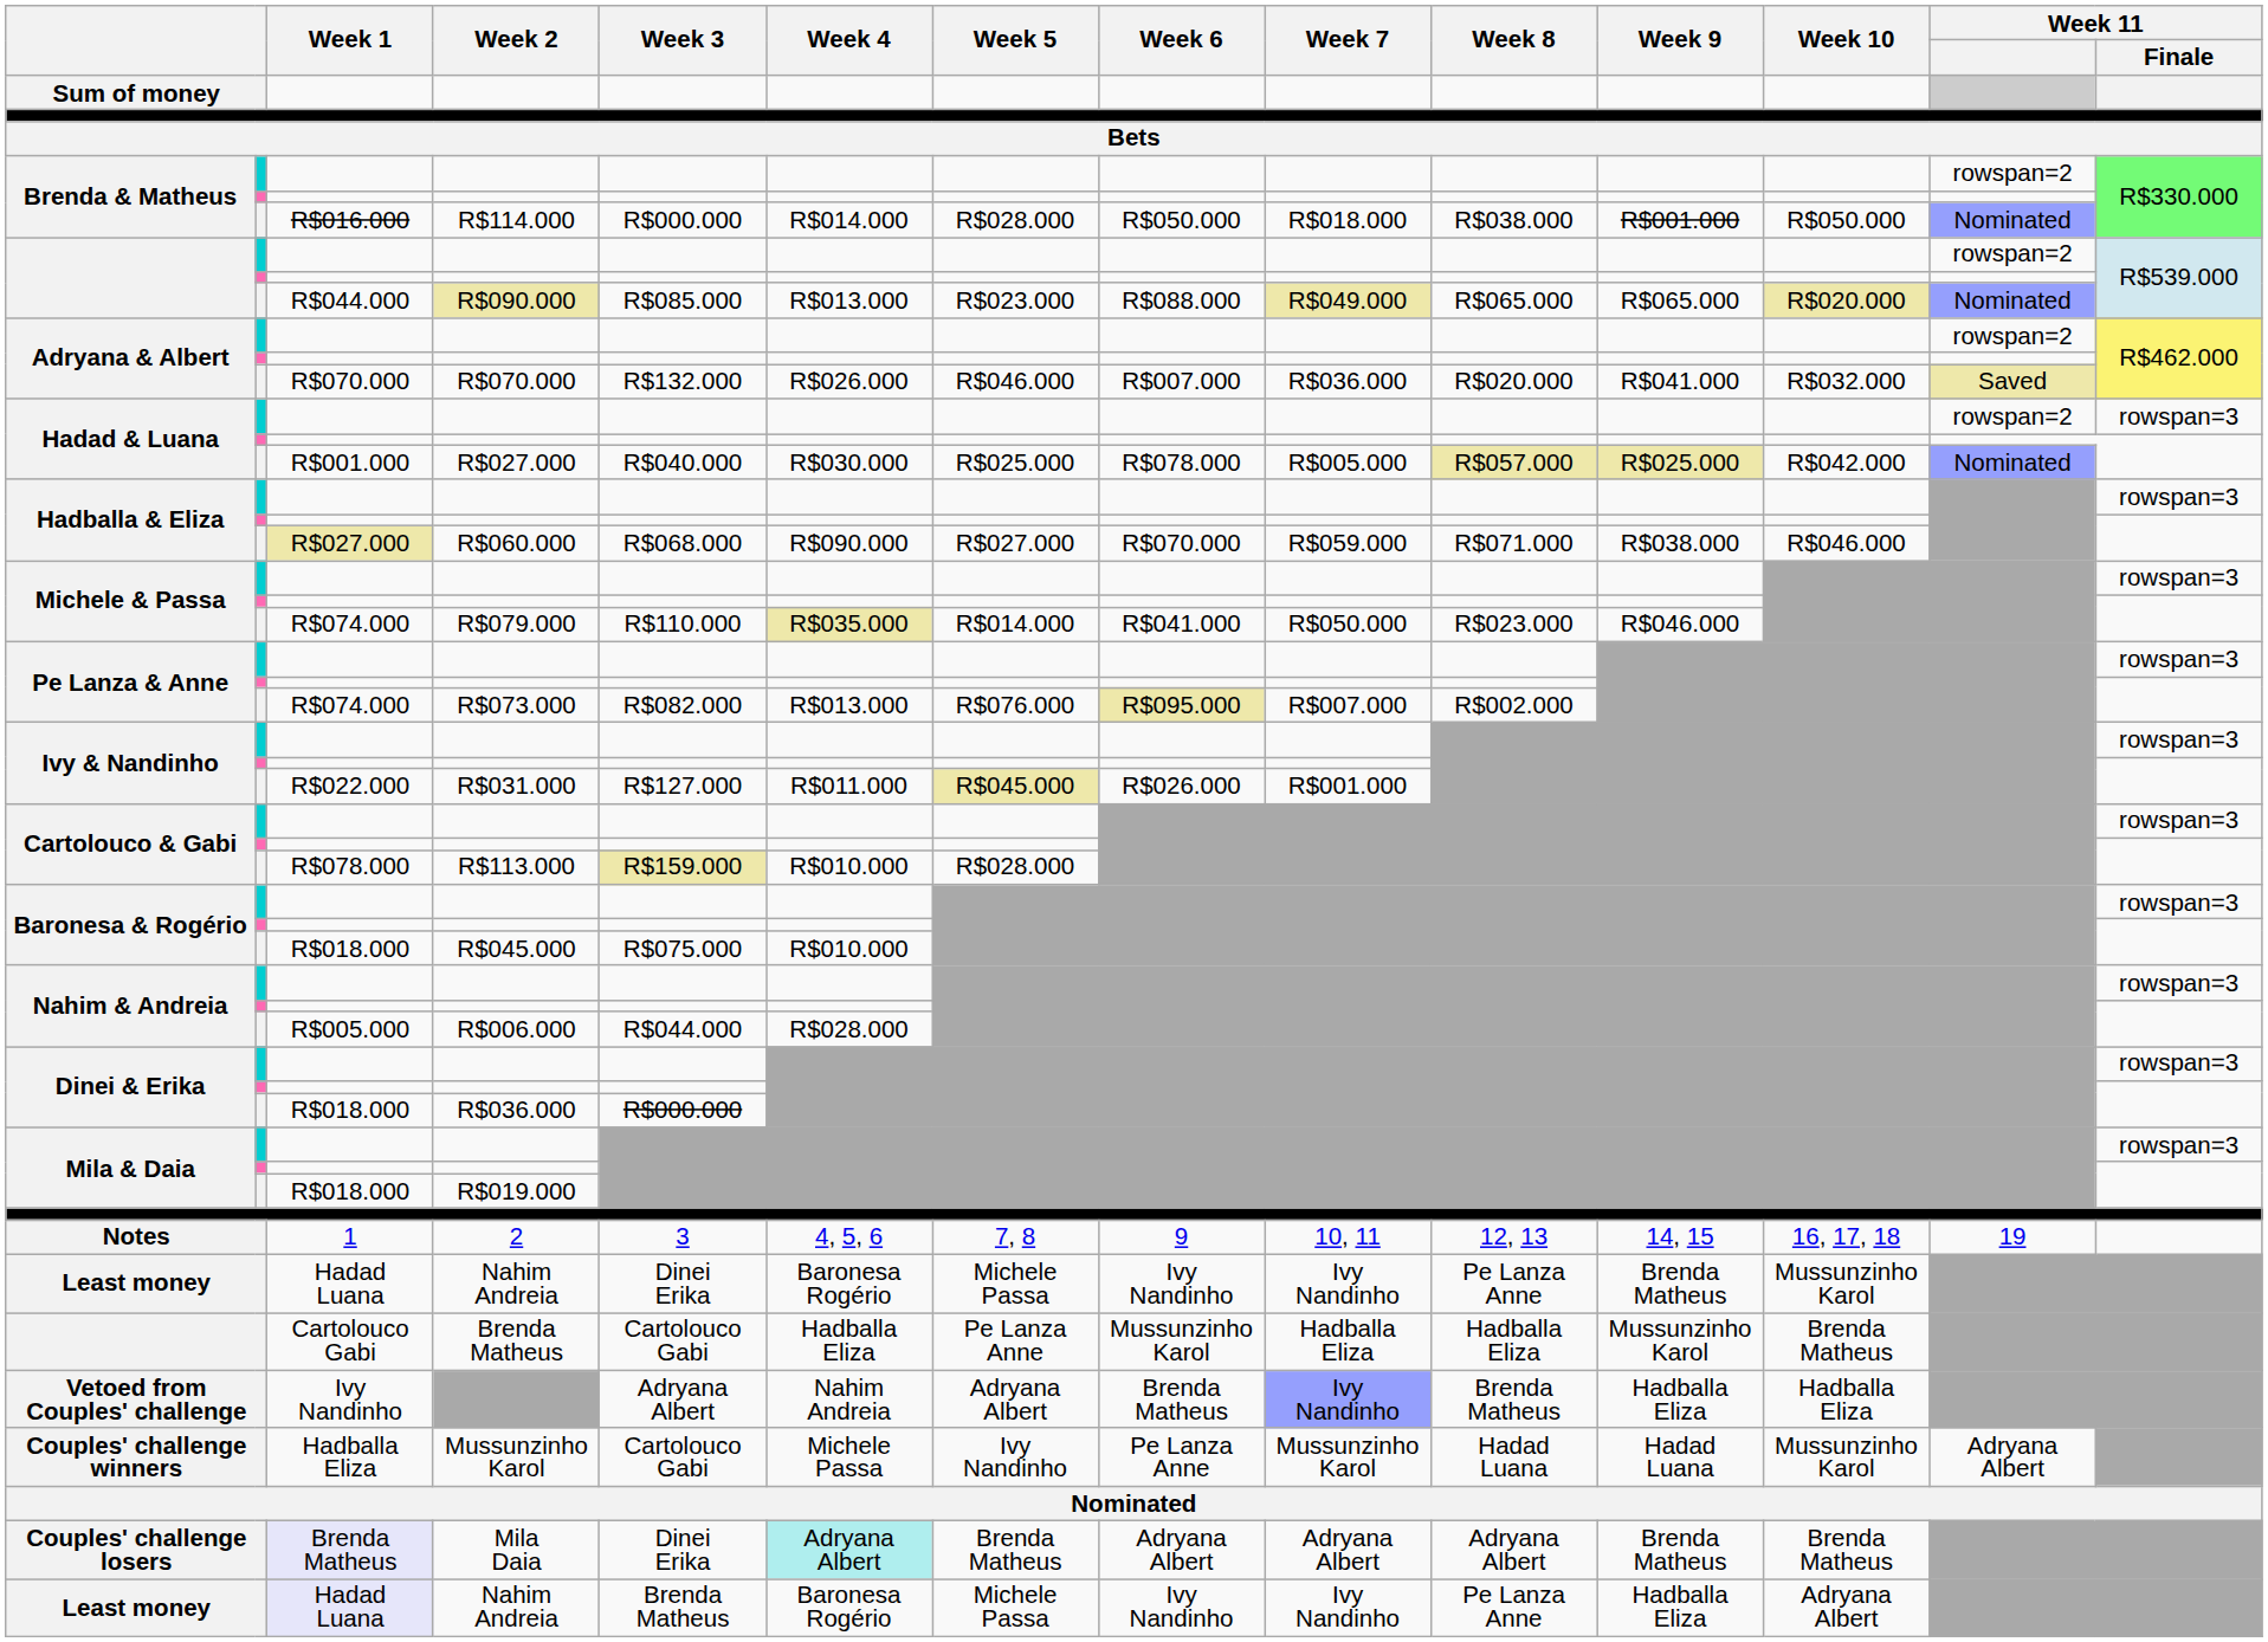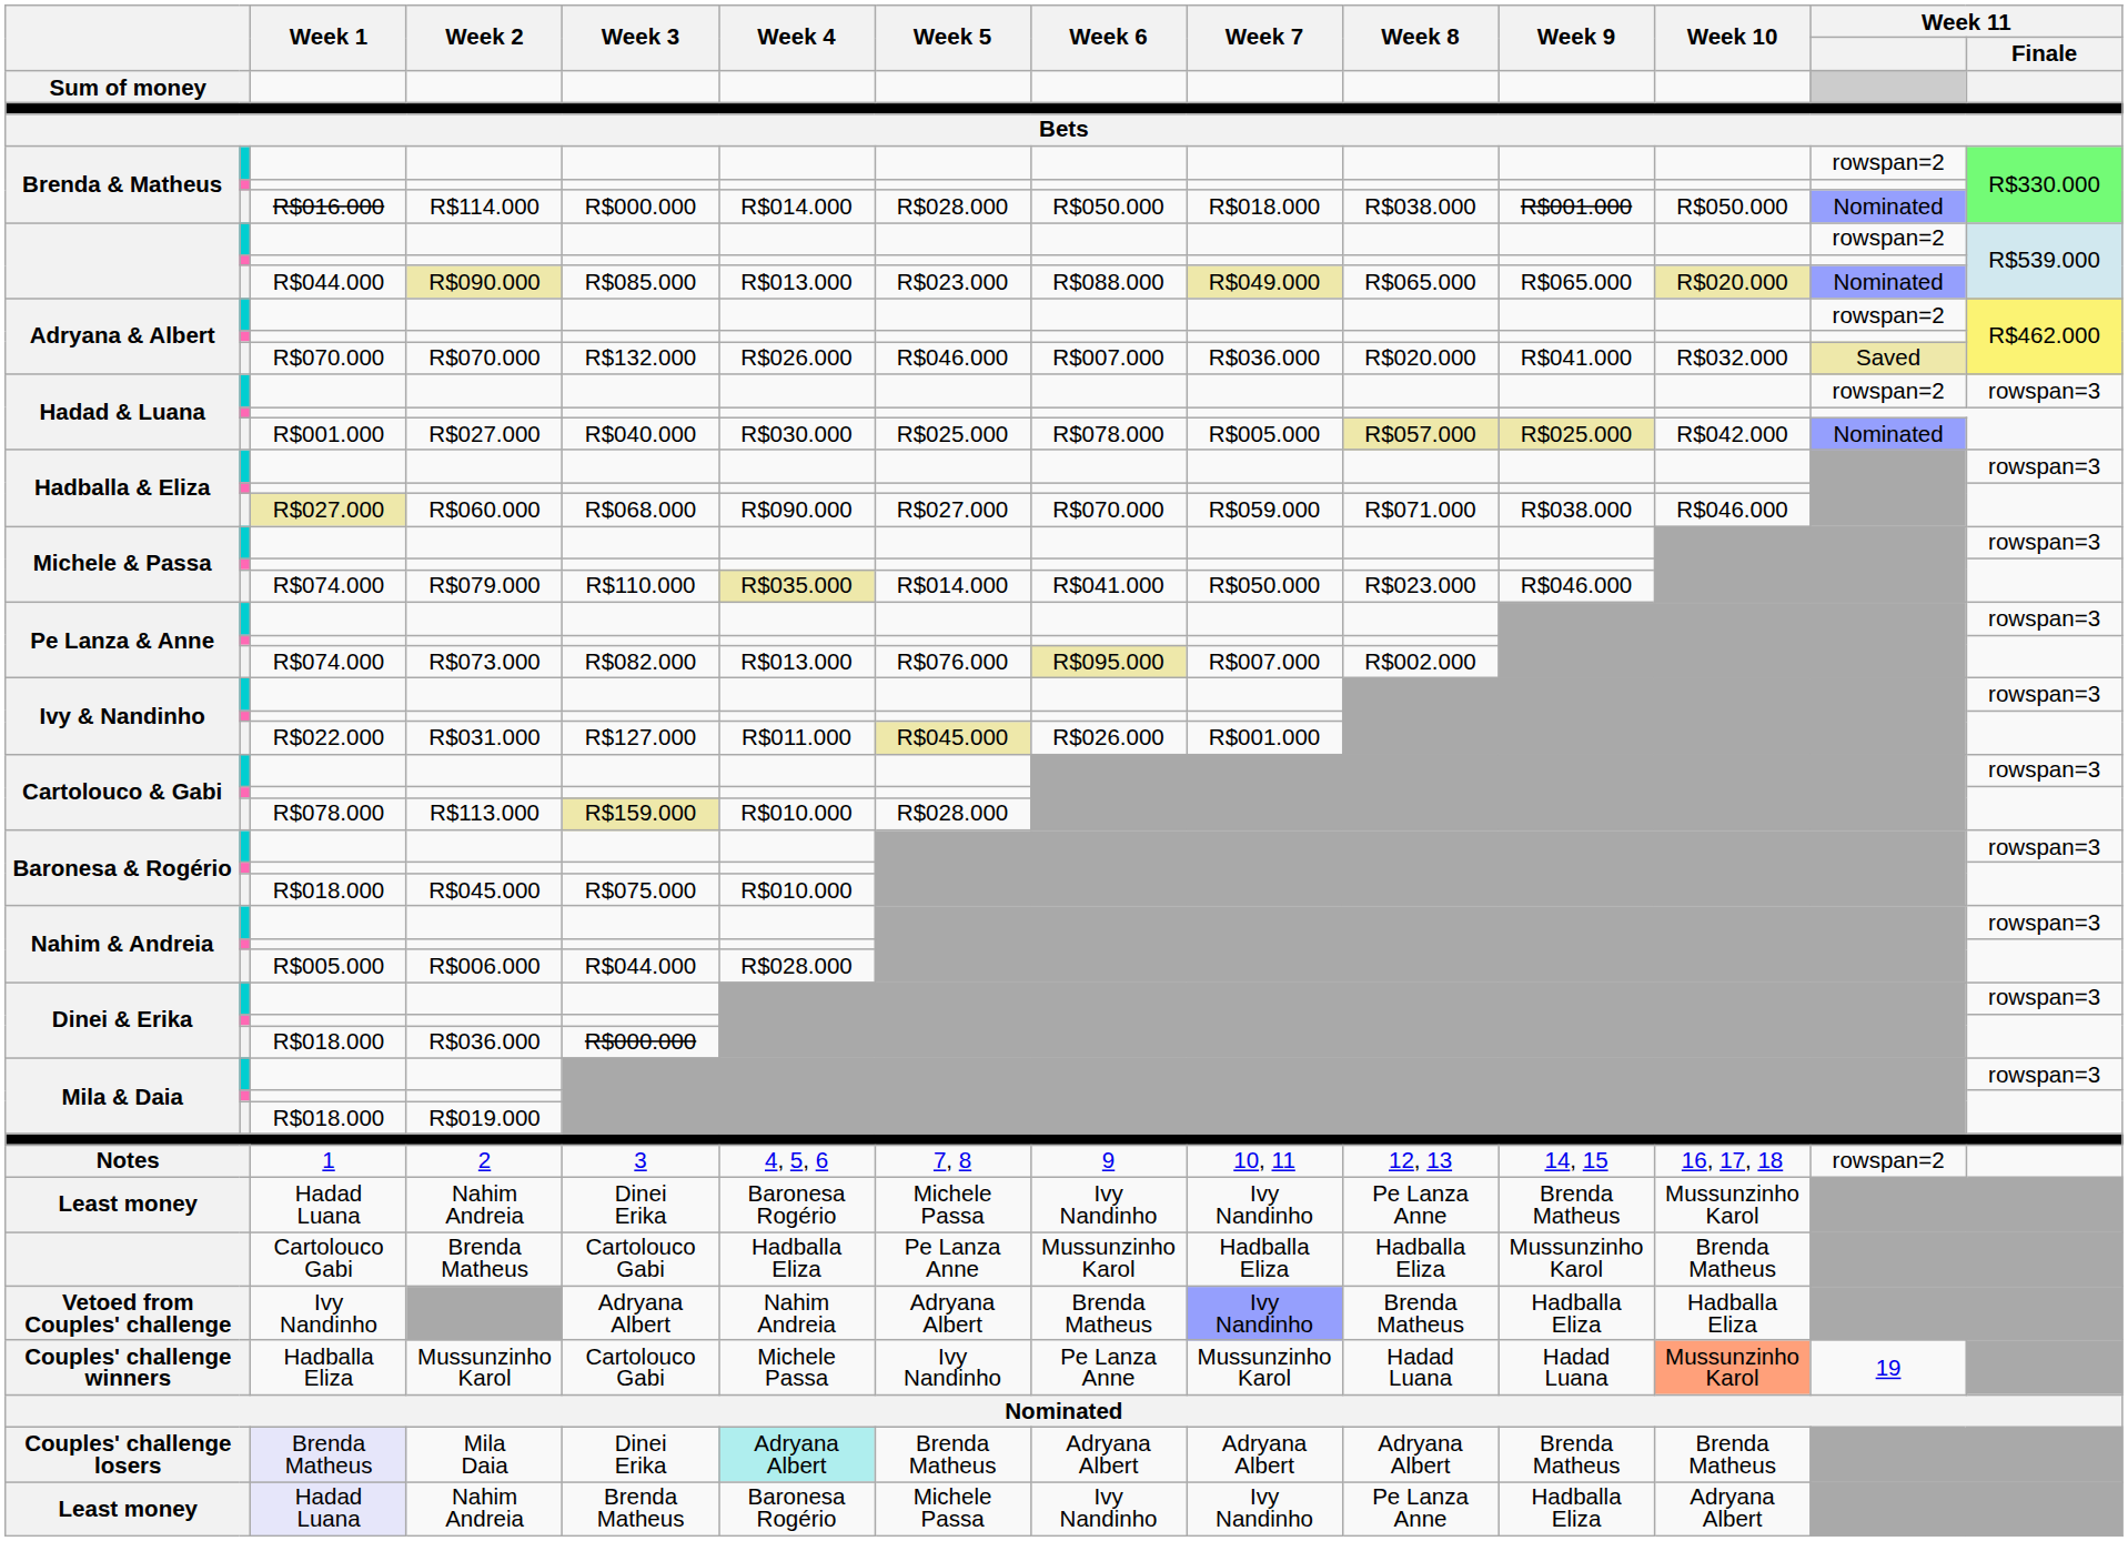 <table class="wikitable" style="text-align:center; font-size:85%; width:100%; line-height:13px;">
 <tr>
 <th rowspan=2 width="11%" colspan=2></th>
 <th rowspan=2 width="07%">Week 1</th>
 <th rowspan=2 width="07%">Week 2</th>
 <th rowspan=2 width="07%">Week 3</th>
 <th rowspan=2 width="07%">Week 4</th>
 <th rowspan=2 width="07%">Week 5</th>
 <th rowspan=2 width="07%">Week 6</th>
 <th rowspan=2 width="07%">Week 7</th>
 <th rowspan=2 width="07%">Week 8</th>
 <th rowspan=2 width="07%">Week 9</th>
 <th rowspan=2 width="07%">Week 10</th>
 <th colspan=2 width="14%">Week 11</th>
 </tr>
 <tr>
 <th width="07%"></th>
 <th width="07%">Finale</th>
 </tr>
 <tr>
 <th colspan=2>Sum of money</th>
 <td></td>
 <td></td>
 <td></td>
 <td></td>
 <td></td>
 <td></td>
 <td></td>
 <td></td>
 <td></td>
 <td></td>
 <td bgcolor=CCCCCC></td>
 <th></th>
 </tr>
 <tr>
 <td colspan="14" bgcolor="000000"></td>
 </tr>
 <tr>
 <th colspan="14">Bets</th>
 </tr>
 <tr>
 <th rowspan=3>Brenda & Matheus</th>
 <td bgcolor=00CED1></td>
 <td></td>
 <td></td>
 <td></td>
 <td></td>
 <td></td>
 <td></td>
 <td></td>
 <td></td>
 <td></td>
 <td></td>
 <td>rowspan=2 </td>
 <td bgcolor=73FB76 rowspan=3>R$330.000</td>
 </tr>
 <tr>
 <td bgcolor=FF69B4></td>
 <td></td>
 <td></td>
 <td></td>
 <td></td>
 <td></td>
 <td></td>
 <td></td>
 <td></td>
 <td></td>
 <td></td>
 </tr>
 <tr>
 <th></th>
 <td><s>R$016.000</s></td>
 <td>R$114.000</td>
 <td>R$000.000</td>
 <td>R$014.000</td>
 <td>R$028.000</td>
 <td>R$050.000</td>
 <td>R$018.000</td>
 <td>R$038.000</td>
 <td><s>R$001.000</s></td>
 <td>R$050.000</td>
 <td bgcolor=959FFD>Nominated</td>
 </tr>
 <tr>
 <th rowspan=3></th>
 <td bgcolor=00CED1></td>
 <td></td>
 <td></td>
 <td></td>
 <td></td>
 <td></td>
 <td></td>
 <td></td>
 <td></td>
 <td></td>
 <td></td>
 <td>rowspan=2 </td>
 <td bgcolor=D1E8EF rowspan=3>R$539.000</td>
 </tr>
 <tr>
 <td bgcolor=FF69B4></td>
 <td></td>
 <td></td>
 <td></td>
 <td></td>
 <td></td>
 <td></td>
 <td></td>
 <td></td>
 <td></td>
 <td></td>
 </tr>
 <tr>
 <th></th>
 <td>R$044.000</td>
 <td bgcolor=EEE8AA>R$090.000</td>
 <td>R$085.000</td>
 <td>R$013.000</td>
 <td>R$023.000</td>
 <td>R$088.000</td>
 <td bgcolor=EEE8AA>R$049.000</td>
 <td>R$065.000</td>
 <td>R$065.000</td>
 <td bgcolor=EEE8AA>R$020.000</td>
 <td bgcolor=959FFD>Nominated</td>
 </tr>
 <tr>
 <th rowspan=3>Adryana & Albert</th>
 <td bgcolor=00CED1></td>
 <td></td>
 <td></td>
 <td></td>
 <td></td>
 <td></td>
 <td></td>
 <td></td>
 <td></td>
 <td></td>
 <td></td>
 <td>rowspan=2 </td>
 <td bgcolor=FBF373 rowspan=3>R$462.000</td>
 </tr>
 <tr>
 <td bgcolor=FF69B4></td>
 <td></td>
 <td></td>
 <td></td>
 <td></td>
 <td></td>
 <td></td>
 <td></td>
 <td></td>
 <td></td>
 <td></td>
 </tr>
 <tr>
 <th></th>
 <td>R$070.000</td>
 <td>R$070.000</td>
 <td>R$132.000</td>
 <td>R$026.000</td>
 <td>R$046.000</td>
 <td>R$007.000</td>
 <td>R$036.000</td>
 <td>R$020.000</td>
 <td>R$041.000</td>
 <td>R$032.000</td>
 <td bgcolor=EEE8AA>Saved</td>
 </tr>
 <tr>
 <th rowspan=3>Hadad & Luana</th>
 <td bgcolor=00CED1></td>
 <td></td>
 <td></td>
 <td></td>
 <td></td>
 <td></td>
 <td></td>
 <td></td>
 <td></td>
 <td></td>
 <td></td>
 <td>rowspan=2 </td>
 <td>rowspan=3 </td>
 </tr>
 <tr>
 <td bgcolor=FF69B4></td>
 <td></td>
 <td></td>
 <td></td>
 <td></td>
 <td></td>
 <td></td>
 <td></td>
 <td></td>
 <td></td>
 <td></td>
 </tr>
 <tr>
 <th></th>
 <td>R$001.000</td>
 <td>R$027.000</td>
 <td>R$040.000</td>
 <td>R$030.000</td>
 <td>R$025.000</td>
 <td>R$078.000</td>
 <td>R$005.000</td>
 <td bgcolor=EEE8AA>R$057.000</td>
 <td bgcolor=EEE8AA>R$025.000</td>
 <td>R$042.000</td>
 <td bgcolor=959FFD>Nominated</td>
 </tr>
 <tr>
 <th rowspan=3>Hadballa & Eliza</th>
 <td bgcolor=00CED1></td>
 <td></td>
 <td></td>
 <td></td>
 <td></td>
 <td></td>
 <td></td>
 <td></td>
 <td></td>
 <td></td>
 <td></td>
 <td rowspan="3" bgcolor="A9A9A9"></td>
 <td>rowspan=3 </td>
 </tr>
 <tr>
 <td bgcolor=FF69B4></td>
 <td></td>
 <td></td>
 <td></td>
 <td></td>
 <td></td>
 <td></td>
 <td></td>
 <td></td>
 <td></td>
 <td></td>
 </tr>
 <tr>
 <th></th>
 <td bgcolor=EEE8AA>R$027.000</td>
 <td>R$060.000</td>
 <td>R$068.000</td>
 <td>R$090.000</td>
 <td>R$027.000</td>
 <td>R$070.000</td>
 <td>R$059.000</td>
 <td>R$071.000</td>
 <td>R$038.000</td>
 <td>R$046.000</td>
 </tr>
 <tr>
 <th rowspan=3>Michele & Passa</th>
 <td bgcolor=00CED1></td>
 <td></td>
 <td></td>
 <td></td>
 <td></td>
 <td></td>
 <td></td>
 <td></td>
 <td></td>
 <td></td>
 <td colspan="2" rowspan="3" bgcolor="A9A9A9"></td>
 <td>rowspan=3 </td>
 </tr>
 <tr>
 <td bgcolor=FF69B4></td>
 <td></td>
 <td></td>
 <td></td>
 <td></td>
 <td></td>
 <td></td>
 <td></td>
 <td></td>
 <td></td>
 </tr>
 <tr>
 <th></th>
 <td>R$074.000</td>
 <td>R$079.000</td>
 <td>R$110.000</td>
 <td bgcolor=EEE8AA>R$035.000</td>
 <td>R$014.000</td>
 <td>R$041.000</td>
 <td>R$050.000</td>
 <td>R$023.000</td>
 <td>R$046.000</td>
 </tr>
 <tr>
 <th rowspan=3>Pe Lanza & Anne</th>
 <td bgcolor=00CED1></td>
 <td></td>
 <td></td>
 <td></td>
 <td></td>
 <td></td>
 <td></td>
 <td></td>
 <td></td>
 <td colspan="3" rowspan="3" bgcolor="A9A9A9"></td>
 <td>rowspan=3 </td>
 </tr>
 <tr>
 <td bgcolor=FF69B4></td>
 <td></td>
 <td></td>
 <td></td>
 <td></td>
 <td></td>
 <td></td>
 <td></td>
 <td></td>
 </tr>
 <tr>
 <th></th>
 <td>R$074.000</td>
 <td>R$073.000</td>
 <td>R$082.000</td>
 <td>R$013.000</td>
 <td>R$076.000</td>
 <td bgcolor=EEE8AA>R$095.000</td>
 <td>R$007.000</td>
 <td>R$002.000</td>
 </tr>
 <tr>
 <th rowspan=3>Ivy & Nandinho</th>
 <td bgcolor=00CED1></td>
 <td></td>
 <td></td>
 <td></td>
 <td></td>
 <td></td>
 <td></td>
 <td></td>
 <td colspan="4" rowspan="3" bgcolor="A9A9A9"></td>
 <td>rowspan=3 </td>
 </tr>
 <tr>
 <td bgcolor=FF69B4></td>
 <td></td>
 <td></td>
 <td></td>
 <td></td>
 <td></td>
 <td></td>
 <td></td>
 </tr>
 <tr>
 <th></th>
 <td>R$022.000</td>
 <td>R$031.000</td>
 <td>R$127.000</td>
 <td>R$011.000</td>
 <td bgcolor=EEE8AA>R$045.000</td>
 <td>R$026.000</td>
 <td>R$001.000</td>
 </tr>
 <tr>
 <th rowspan=3>Cartolouco & Gabi</th>
 <td bgcolor=00CED1></td>
 <td></td>
 <td></td>
 <td></td>
 <td></td>
 <td></td>
 <td colspan="6" rowspan="3" bgcolor="A9A9A9"></td>
 <td>rowspan=3 </td>
 </tr>
 <tr>
 <td bgcolor=FF69B4></td>
 <td></td>
 <td></td>
 <td></td>
 <td></td>
 <td></td>
 </tr>
 <tr>
 <th></th>
 <td>R$078.000</td>
 <td>R$113.000</td>
 <td bgcolor=EEE8AA>R$159.000</td>
 <td>R$010.000</td>
 <td>R$028.000</td>
 </tr>
 <tr>
 <th rowspan=3>Baronesa & Rogério</th>
 <td bgcolor=00CED1></td>
 <td></td>
 <td></td>
 <td></td>
 <td></td>
 <td colspan="7" rowspan="3" bgcolor="A9A9A9"></td>
 <td>rowspan=3 </td>
 </tr>
 <tr>
 <td bgcolor=FF69B4></td>
 <td></td>
 <td></td>
 <td></td>
 <td></td>
 </tr>
 <tr>
 <th></th>
 <td>R$018.000</td>
 <td>R$045.000</td>
 <td>R$075.000</td>
 <td>R$010.000</td>
 </tr>
 <tr>
 <th rowspan=3>Nahim & Andreia</th>
 <td bgcolor=00CED1></td>
 <td></td>
 <td></td>
 <td></td>
 <td></td>
 <td colspan="7" rowspan="3" bgcolor="A9A9A9"></td>
 <td>rowspan=3 </td>
 </tr>
 <tr>
 <td bgcolor=FF69B4></td>
 <td></td>
 <td></td>
 <td></td>
 <td></td>
 </tr>
 <tr>
 <th></th>
 <td>R$005.000</td>
 <td>R$006.000</td>
 <td>R$044.000</td>
 <td>R$028.000</td>
 </tr>
 <tr>
 <th rowspan=3>Dinei & Erika</th>
 <td bgcolor=00CED1></td>
 <td></td>
 <td></td>
 <td></td>
 <td colspan="8" rowspan="3" bgcolor="A9A9A9"></td>
 <td>rowspan=3 </td>
 </tr>
 <tr>
 <td bgcolor=FF69B4></td>
 <td></td>
 <td></td>
 <td></td>
 </tr>
 <tr>
 <th></th>
 <td>R$018.000</td>
 <td>R$036.000</td>
 <td><s>R$000.000</s></td>
 </tr>
 <tr>
 <th rowspan=3>Mila & Daia</th>
 <td bgcolor=00CED1></td>
 <td></td>
 <td></td>
 <td colspan="9" rowspan="3" bgcolor="A9A9A9"></td>
 <td>rowspan=3 </td>
 </tr>
 <tr>
 <td bgcolor=FF69B4></td>
 <td></td>
 <td></td>
 </tr>
 <tr>
 <th></th>
 <td>R$018.000</td>
 <td>R$019.000</td>
 </tr>
 <tr>
 <td colspan="14" bgcolor="000000"></td>
 </tr>
 <tr>
 <th colspan=2>Notes</th>
 <td><a href='#'>1</a></td>
 <td><a href='#'>2</a></td>
 <td><a href='#'>3</a></td>
 <td><a href='#'>4</a>, <a href='#'>5</a>, <a href='#'>6</a></td>
 <td><a href='#'>7</a>, <a href='#'>8</a></td>
 <td><a href='#'>9</a></td>
 <td><a href='#'>10</a>, <a href='#'>11</a></td>
 <td><a href='#'>12</a>, <a href='#'>13</a></td>
 <td><a href='#'>14</a>, <a href='#'>15</a></td>
 <td><a href='#'>16</a>, <a href='#'>17</a>, <a href='#'>18</a></td>
-<td><a href='#'>19</a></td>
+<td>rowspan=2 </td>
 <td></td>
 </tr>
 <tr>
 <th colspan=2>Least money<br></th>
 <td>Hadad<br>Luana</td>
 <td>Nahim<br>Andreia</td>
 <td>Dinei<br>Erika</td>
 <td>Baronesa<br>Rogério</td>
 <td>Michele<br>Passa</td>
 <td>Ivy<br>Nandinho</td>
 <td>Ivy<br>Nandinho</td>
 <td>Pe Lanza<br>Anne</td>
 <td>Brenda<br>Matheus</td>
 <td>Mussunzinho<br>Karol</td>
 <td colspan="2" bgcolor="A9A9A9"></td>
 </tr>
 <tr>
 <th colspan=2></th>
 <td>Cartolouco<br>Gabi</td>
 <td>Brenda<br>Matheus</td>
 <td>Cartolouco<br>Gabi</td>
 <td>Hadballa<br>Eliza</td>
 <td>Pe Lanza<br>Anne</td>
 <td>Mussunzinho<br>Karol</td>
 <td>Hadballa<br>Eliza</td>
 <td>Hadballa<br>Eliza</td>
 <td>Mussunzinho<br>Karol</td>
 <td>Brenda<br>Matheus</td>
 <td colspan="2" bgcolor="A9A9A9"></td>
 </tr>
 <tr>
 <th colspan=2>Vetoed from<br>Couples' challenge</th>
 <td>Ivy<br>Nandinho</td>
 <td bgcolor="A9A9A9"></td>
 <td>Adryana<br>Albert</td>
 <td>Nahim<br>Andreia</td>
 <td>Adryana<br>Albert</td>
 <td>Brenda<br>Matheus</td>
 <td bgcolor="959FFD">Ivy<br>Nandinho</td>
 <td>Brenda<br>Matheus</td>
 <td>Hadballa<br>Eliza</td>
 <td>Hadballa<br>Eliza</td>
 <td colspan="2" bgcolor="A9A9A9"></td>
 </tr>
 <tr>
 <th colspan=2>Couples' challenge<br>winners</th>
 <td>Hadballa<br>Eliza</td>
 <td>Mussunzinho<br>Karol</td>
 <td>Cartolouco<br>Gabi</td>
 <td>Michele<br>Passa</td>
 <td>Ivy<br>Nandinho</td>
 <td>Pe Lanza<br>Anne</td>
 <td>Mussunzinho<br>Karol</td>
 <td>Hadad<br>Luana</td>
 <td>Hadad<br>Luana</td>
-<td>Mussunzinho<br>Karol</td>
-<td>Adryana<br>Albert</td>
+<td style="background: lightsalmon;">Mussunzinho<br>Karol</td>
+<td><a href='#'>19</a></td>
 <td bgcolor="A9A9A9"></td>
 </tr>
 <tr>
 <th colspan="14">Nominated </th>
 </tr>
 <tr>
 <th colspan=2>Couples' challenge<br>losers</th>
 <td bgcolor="E6E6FA">Brenda<br>Matheus</td>
 <td>Mila<br>Daia</td>
 <td>Dinei<br>Erika</td>
 <td style="background: paleturquoise;">Adryana<br>Albert</td>
 <td>Brenda<br>Matheus</td>
 <td>Adryana<br>Albert</td>
 <td>Adryana<br>Albert</td>
 <td>Adryana<br>Albert</td>
 <td>Brenda<br>Matheus</td>
 <td>Brenda<br>Matheus</td>
 <td colspan="2" bgcolor="A9A9A9"></td>
 </tr>
 <tr>
 <th colspan=2>Least money<br></th>
 <td bgcolor="E6E6FA">Hadad<br>Luana</td>
 <td>Nahim<br>Andreia</td>
 <td>Brenda<br>Matheus</td>
 <td>Baronesa<br>Rogério</td>
 <td>Michele<br>Passa</td>
 <td>Ivy<br>Nandinho</td>
 <td>Ivy<br>Nandinho</td>
 <td>Pe Lanza<br>Anne</td>
 <td>Hadballa<br>Eliza</td>
 <td>Adryana<br>Albert</td>
 <td colspan="2" bgcolor="A9A9A9"></td>
 </tr>
 </table>
